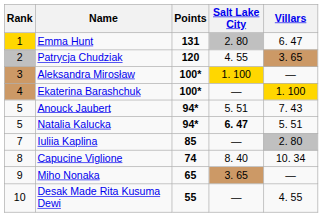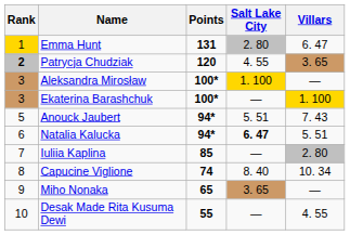 <table class="wikitable sortable">
 <tr>
 <th>Rank</th>
 <th width = "200">Name</th>
 <th>Points</th>
 <th width = "75" data-sort-type="number"><a href='#'>Salt Lake City</a></th>
 <th width = "75" data-sort-type="number"><a href='#'>Villars</a></th>
 </tr>
 <tr>
 <td align="center" style="background: gold">1</td>
 <td> <a href='#'>Emma Hunt</a></td>
 <td align="center"><strong>131</strong></td>
 <td align="center" style="background: silver">2. 80</td>
 <td align="center">6. 47</td>
 </tr>
 <tr>
-<td align="center" style="background: silver">2</td>
+<td align="center" style="background: silver"><strong>2</strong></td>
 <td> <a href='#'>Patrycja Chudziak</a></td>
 <td align="center"><strong>120</strong></td>
 <td align="center">4. 55</td>
 <td align="center" style="background: #cc9966">3. 65</td>
 </tr>
 <tr>
 <td align="center" style="background: #cc9966">3</td>
 <td> <a href='#'>Aleksandra Mirosław</a></td>
 <td align="center"><strong>100*</strong></td>
 <td align="center" style="background: gold">1. 100</td>
 <td align="center">—</td>
 </tr>
 <tr>
-<td align="center" style="background: #cc9966">4</td>
+<td align="center" style="background: #cc9966">3</td>
 <td> <a href='#'>Ekaterina Barashchuk</a></td>
 <td align="center"><strong>100*</strong></td>
 <td align="center">—</td>
 <td align="center" style="background: gold">1. 100</td>
 </tr>
 <tr>
 <td align="center">5</td>
 <td> <a href='#'>Anouck Jaubert</a></td>
 <td align="center"><strong>94*</strong></td>
 <td align="center">5. 51</td>
 <td align="center">7. 43</td>
 </tr>
 <tr>
-<td align="center">5</td>
+<td align="center">6</td>
 <td> <a href='#'>Natalia Kalucka</a></td>
 <td align="center"><strong>94*</strong></td>
 <td align="center"><strong>6. 47</strong></td>
 <td align="center">5. 51</td>
 </tr>
 <tr>
 <td align="center">7</td>
 <td> <a href='#'>Iuliia Kaplina</a></td>
 <td align="center"><strong>85</strong></td>
 <td align="center">—</td>
 <td align="center" style="background: silver">2. 80</td>
 </tr>
 <tr>
 <td align="center">8</td>
 <td> <a href='#'>Capucine Viglione</a></td>
 <td align="center"><strong>74</strong></td>
 <td align="center">8. 40</td>
 <td align="center">10. 34</td>
 </tr>
 <tr>
 <td align="center">9</td>
 <td> <a href='#'>Miho Nonaka</a></td>
 <td align="center"><strong>65</strong></td>
 <td align="center" style="background: #cc9966">3. 65</td>
 <td align="center">—</td>
 </tr>
 <tr>
 <td align="center">10</td>
 <td> <a href='#'>Desak Made Rita Kusuma Dewi</a></td>
 <td align="center"><strong>55</strong></td>
 <td align="center">—</td>
 <td align="center">4. 55</td>
 </tr>
 </table>
